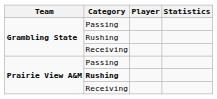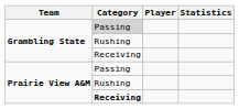 <table class="wikitable" style="float: right;">
 <tr>
 <th>Team</th>
 <th>Category</th>
 <th>Player</th>
 <th>Statistics</th>
 </tr>
 <tr>
 <td rowspan=3><strong>Grambling State</strong></td>
-<td>Passing</td>
+<td style="background: lightgrey;">Passing</td>
 <td></td>
 <td></td>
 </tr>
 <tr>
 <td>Rushing</td>
 <td></td>
 <td></td>
 </tr>
 <tr>
 <td>Receiving</td>
 <td></td>
 <td></td>
 </tr>
 <tr>
 <td rowspan=3><strong>Prairie View A&M</strong></td>
 <td>Passing</td>
 <td></td>
 <td></td>
 </tr>
 <tr>
-<td><strong>Rushing</strong></td>
+<td>Rushing</td>
 <td></td>
 <td></td>
 </tr>
 <tr>
-<td>Receiving</td>
+<td><strong>Receiving</strong></td>
 <td></td>
 <td></td>
 </tr>
 </table>
